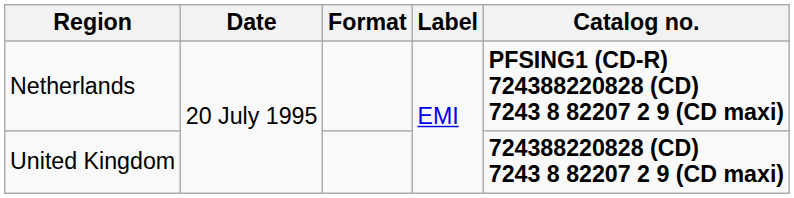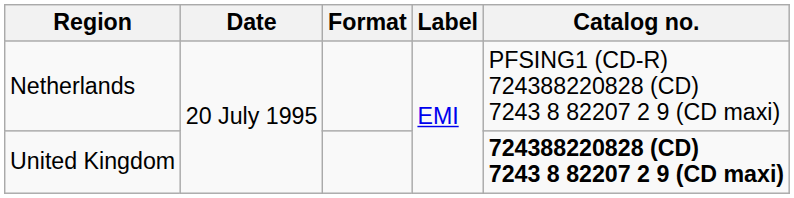 <table class="wikitable plainrowheaders">
 <tr>
 <th>Region</th>
 <th>Date</th>
 <th>Format</th>
 <th>Label</th>
 <th>Catalog no.</th>
 </tr>
 <tr>
 <td>Netherlands</td>
 <td rowspan="2">20 July 1995</td>
 <td></td>
 <td rowspan="2"><a href='#'>EMI</a></td>
-<td><strong>PFSING1 (CD-R)<br>724388220828 (CD)<br>7243 8 82207 2 9 (CD maxi)</strong></td>
+<td>PFSING1 (CD-R)<br>724388220828 (CD)<br>7243 8 82207 2 9 (CD maxi)</td>
 </tr>
 <tr>
 <td>United Kingdom</td>
 <td></td>
 <td><strong>724388220828 (CD)<br>7243 8 82207 2 9 (CD maxi)</strong></td>
 </tr>
 </table>
